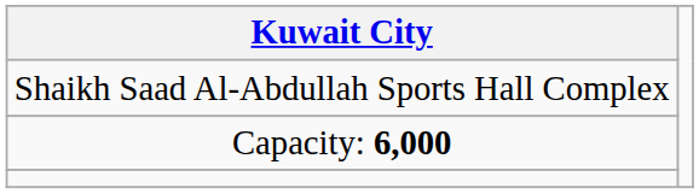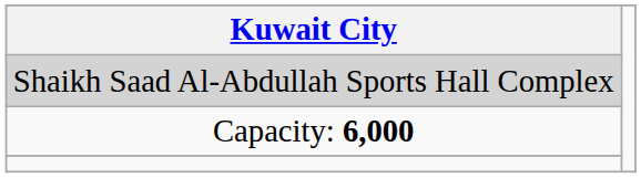 <table class="wikitable" style="margin:1em auto; text-align:center">
 <tr>
 <th><a href='#'>Kuwait City</a></th>
 <td rowspan="4"></td>
 </tr>
 <tr>
-<td>Shaikh Saad Al-Abdullah Sports Hall Complex</td>
+<td style="background: lightgrey;">Shaikh Saad Al-Abdullah Sports Hall Complex</td>
 </tr>
 <tr>
 <td>Capacity: <strong>6,000</strong></td>
 </tr>
 <tr>
 <td></td>
 </tr>
 </table>
